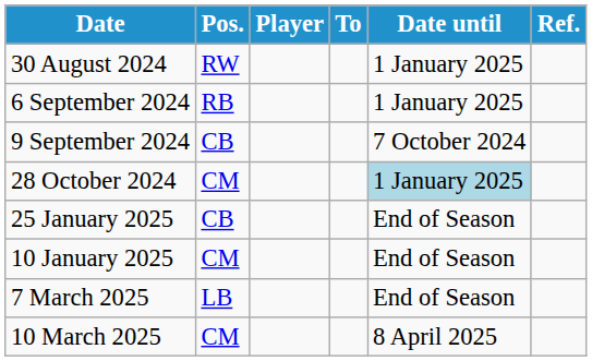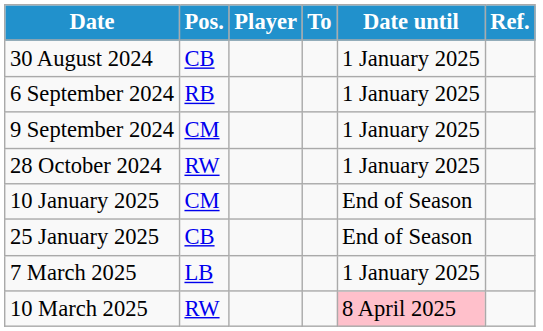 <table class="wikitable plainrowheaders sortable">
 <tr>
 <th style="background:#2191CC; color:#FFFFFF; ">Date</th>
 <th style="background:#2191CC; color:#FFFFFF; ">Pos.</th>
 <th style="background:#2191CC; color:#FFFFFF; ">Player</th>
 <th style="background:#2191CC; color:#FFFFFF; ">To</th>
 <th style="background:#2191CC; color:#FFFFFF; ">Date until</th>
 <th style="background:#2191CC; color:#FFFFFF; ">Ref.</th>
 </tr>
 <tr>
 <td>30 August 2024</td>
-<td><a href='#'>RW</a></td>
+<td><a href='#'>CB</a></td>
 <td></td>
 <td></td>
 <td>1 January 2025</td>
 <td></td>
 </tr>
 <tr>
 <td>6 September 2024</td>
 <td><a href='#'>RB</a></td>
 <td></td>
 <td></td>
 <td>1 January 2025</td>
 <td></td>
 </tr>
 <tr>
 <td>9 September 2024</td>
-<td><a href='#'>CB</a></td>
+<td><a href='#'>CM</a></td>
 <td></td>
 <td></td>
-<td>7 October 2024</td>
+<td>1 January 2025</td>
 <td></td>
 </tr>
 <tr>
 <td>28 October 2024</td>
+<td><a href='#'>RW</a></td>
+<td></td>
+<td></td>
+<td>1 January 2025</td>
+<td></td>
+</tr>
+<tr>
+<td>10 January 2025</td>
 <td><a href='#'>CM</a></td>
 <td></td>
 <td></td>
-<td style="background: lightblue;">1 January 2025</td>
+<td>End of Season</td>
 <td></td>
 </tr>
 <tr>
 <td>25 January 2025</td>
 <td><a href='#'>CB</a></td>
 <td></td>
 <td></td>
 <td>End of Season</td>
 <td></td>
 </tr>
 <tr>
-<td>10 January 2025</td>
-<td><a href='#'>CM</a></td>
-<td></td>
-<td></td>
-<td>End of Season</td>
-<td></td>
-</tr>
-<tr>
 <td>7 March 2025</td>
 <td><a href='#'>LB</a></td>
 <td></td>
 <td></td>
-<td>End of Season</td>
+<td>1 January 2025</td>
 <td></td>
 </tr>
 <tr>
 <td>10 March 2025</td>
-<td><a href='#'>CM</a></td>
+<td><a href='#'>RW</a></td>
 <td></td>
 <td></td>
-<td>8 April 2025</td>
+<td style="background: pink;">8 April 2025</td>
 <td></td>
 </tr>
 </table>
